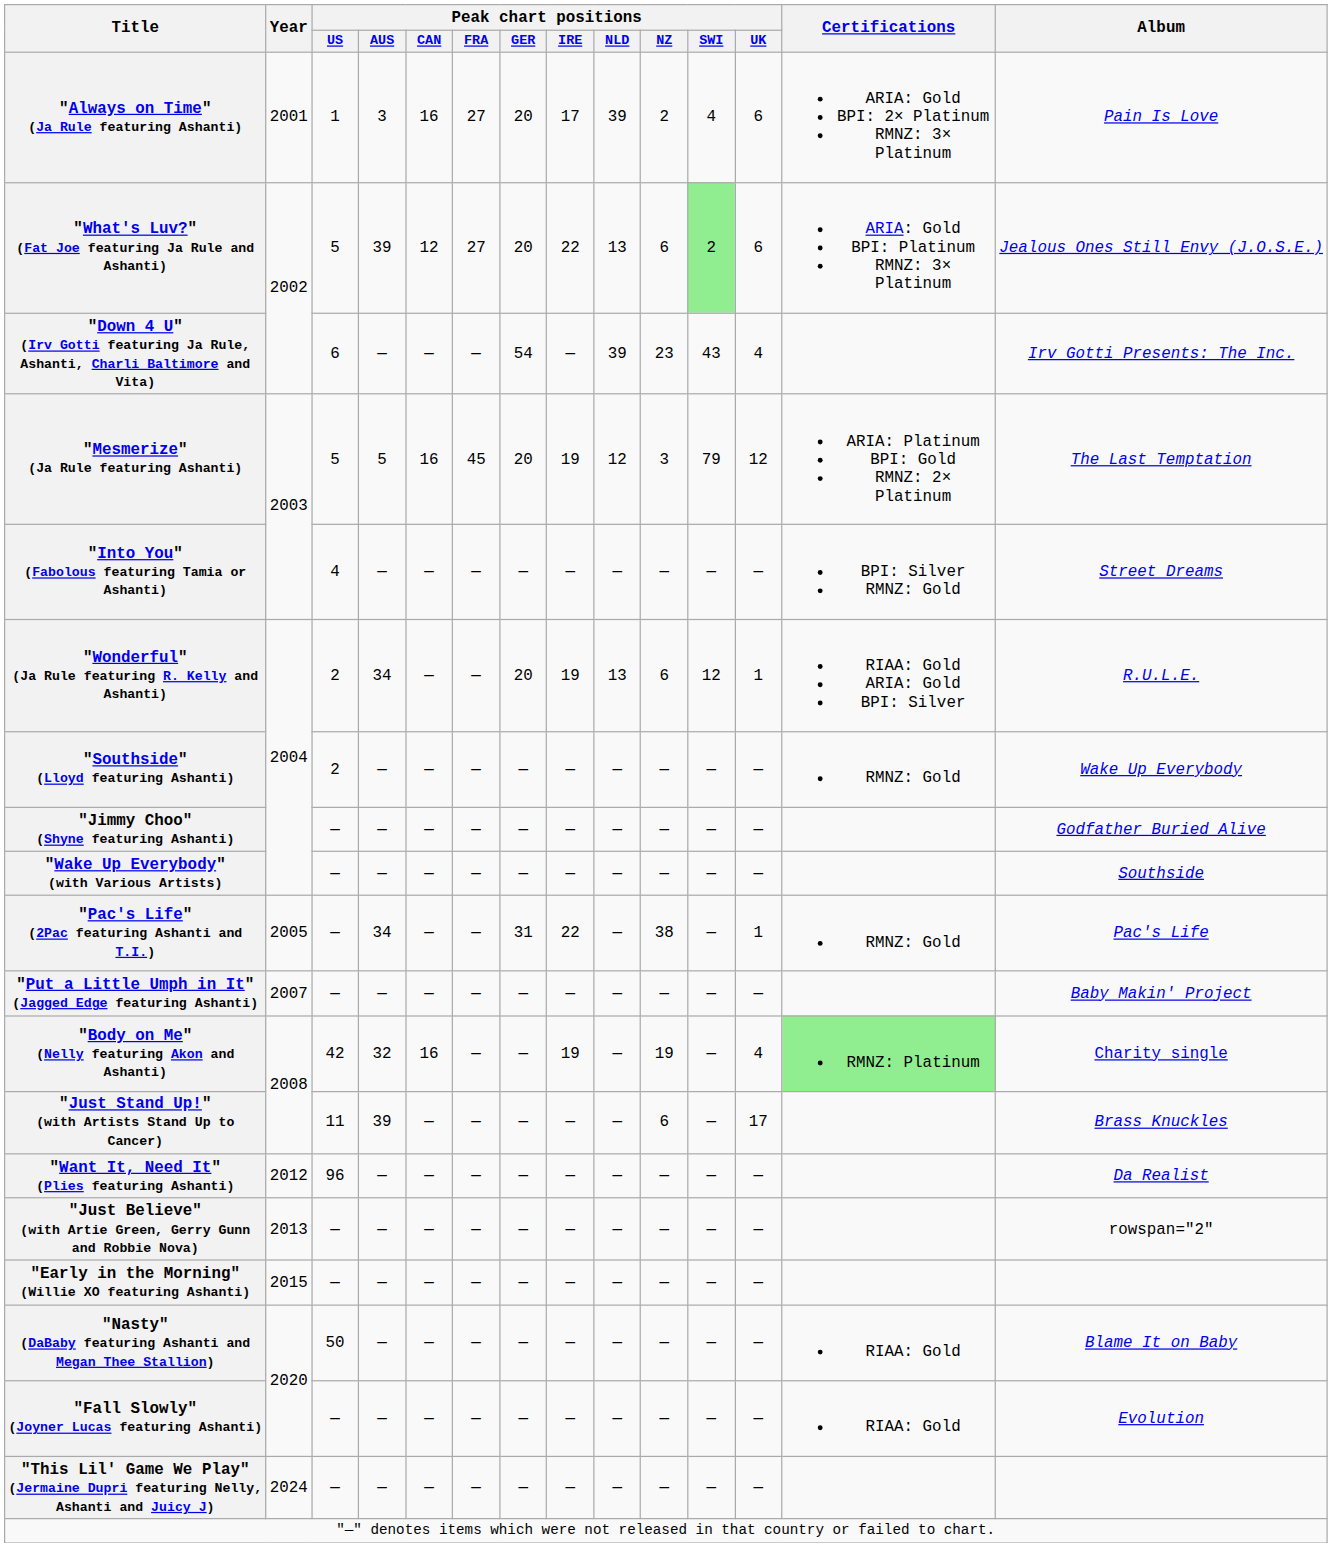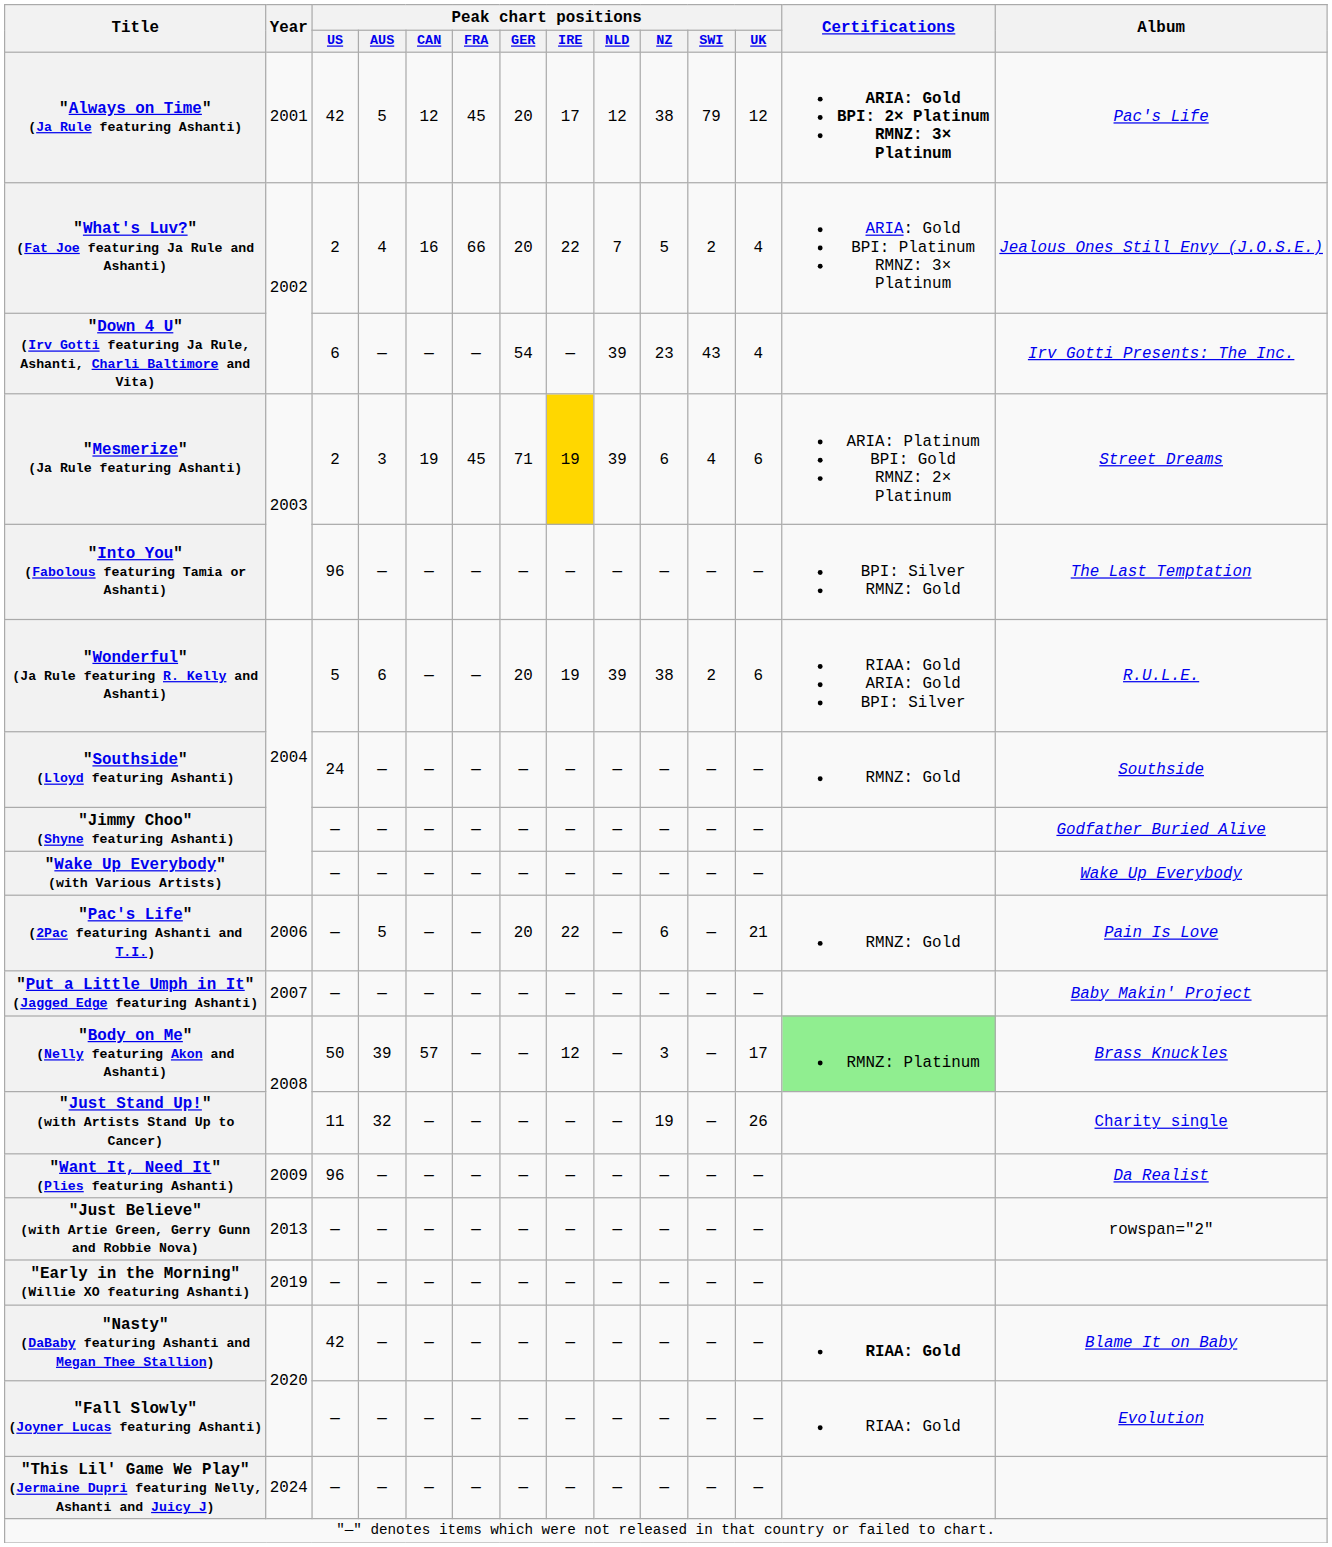 <table class="wikitable plainrowheaders" style="text-align:center;">
 <tr>
 <th scope="col" rowspan="2" style="width:16em;">Title</th>
 <th scope="col" rowspan="2">Year</th>
 <th scope="col" colspan="10">Peak chart positions</th>
 <th scope="col" rowspan="2" style="width:13em;"><a href='#'>Certifications</a></th>
 <th scope="col" rowspan="2">Album</th>
 </tr>
 <tr>
 <th style="width:3em;font-size:85%"><a href='#'>US</a><br></th>
 <th style="width:3em;font-size:85%"><a href='#'>AUS</a><br></th>
 <th style="width:3em;font-size:85%"><a href='#'>CAN</a><br></th>
 <th style="width:3em;font-size:85%"><a href='#'>FRA</a><br></th>
 <th style="width:3em;font-size:85%"><a href='#'>GER</a><br></th>
 <th style="width:3em;font-size:85%"><a href='#'>IRE</a><br></th>
 <th style="width:3em;font-size:85%"><a href='#'>NLD</a><br></th>
 <th style="width:3em;font-size:85%"><a href='#'>NZ</a><br></th>
 <th style="width:3em;font-size:85%"><a href='#'>SWI</a><br></th>
 <th style="width:3em;font-size:85%"><a href='#'>UK</a><br></th>
 </tr>
 <tr>
 <th scope="row">"<a href='#'>Always on Time</a>"<br><small>(<a href='#'>Ja Rule</a> featuring Ashanti)</small></th>
 <td>2001</td>
-<td>1</td>
-<td>3</td>
-<td>16</td>
-<td>27</td>
+<td>42</td>
+<td>5</td>
+<td>12</td>
+<td>45</td>
 <td>20</td>
 <td>17</td>
-<td>39</td>
-<td>2</td>
-<td>4</td>
-<td>6</td>
-<td><br><ul><li>ARIA: Gold</li><li>BPI: 2× Platinum</li><li>RMNZ: 3× Platinum</li></ul></td>
-<td><em><a href='#'>Pain Is Love</a></em></td>
+<td>12</td>
+<td>38</td>
+<td>79</td>
+<td>12</td>
+<td><strong><br><ul><li>ARIA: Gold</li><li>BPI: 2× Platinum</li><li>RMNZ: 3× Platinum</li></ul></strong></td>
+<td><em><a href='#'>Pac's Life</a></em></td>
 </tr>
 <tr>
 <th scope="row">"<a href='#'>What's Luv?</a>"<br><small>(<a href='#'>Fat Joe</a> featuring Ja Rule and Ashanti)</small></th>
 <td rowspan="2">2002</td>
-<td>5</td>
-<td>39</td>
-<td>12</td>
-<td>27</td>
+<td>2</td>
+<td>4</td>
+<td>16</td>
+<td>66</td>
 <td>20</td>
 <td>22</td>
-<td>13</td>
-<td>6</td>
-<td style="background: lightgreen;">2</td>
-<td>6</td>
+<td>7</td>
+<td>5</td>
+<td>2</td>
+<td>4</td>
 <td><br><ul><li><a href='#'>ARIA</a>: Gold</li><li>BPI: Platinum</li><li>RMNZ: 3× Platinum</li></ul></td>
 <td><em><a href='#'>Jealous Ones Still Envy (J.O.S.E.)</a></em></td>
 </tr>
 <tr>
 <th scope="row">"<a href='#'>Down 4 U</a>"<br><small>(<a href='#'>Irv Gotti</a> featuring Ja Rule, Ashanti, <a href='#'>Charli Baltimore</a> and Vita)</small></th>
 <td>6</td>
 <td>—</td>
 <td>—</td>
 <td>—</td>
 <td>54</td>
 <td>—</td>
 <td>39</td>
 <td>23</td>
 <td>43</td>
 <td>4</td>
 <td></td>
 <td><em><a href='#'>Irv Gotti Presents: The Inc.</a></em></td>
 </tr>
 <tr>
 <th scope="row">"<a href='#'>Mesmerize</a>"<br><small>(Ja Rule featuring Ashanti)</small></th>
 <td rowspan="2">2003</td>
-<td>5</td>
-<td>5</td>
-<td>16</td>
+<td>2</td>
+<td>3</td>
+<td>19</td>
 <td>45</td>
-<td>20</td>
-<td>19</td>
-<td>12</td>
-<td>3</td>
-<td>79</td>
-<td>12</td>
+<td>71</td>
+<td style="background: gold;">19</td>
+<td>39</td>
+<td>6</td>
+<td>4</td>
+<td>6</td>
 <td><br><ul><li>ARIA: Platinum</li><li>BPI: Gold</li><li>RMNZ: 2× Platinum</li></ul></td>
-<td><em><a href='#'>The Last Temptation</a></em></td>
+<td><em><a href='#'>Street Dreams</a></em></td>
 </tr>
 <tr>
 <th scope="row">"<a href='#'>Into You</a>"<br><small>(<a href='#'>Fabolous</a> featuring Tamia or Ashanti)</small></th>
-<td>4</td>
+<td>96</td>
 <td>—</td>
 <td>—</td>
 <td>—</td>
 <td>—</td>
 <td>—</td>
 <td>—</td>
 <td>—</td>
 <td>—</td>
 <td>—</td>
 <td><br><ul><li>BPI: Silver</li><li>RMNZ: Gold</li></ul></td>
-<td><em><a href='#'>Street Dreams</a></em></td>
+<td><em><a href='#'>The Last Temptation</a></em></td>
 </tr>
 <tr>
 <th scope="row">"<a href='#'>Wonderful</a>"<br><small>(Ja Rule featuring <a href='#'>R. Kelly</a> and Ashanti)</small></th>
 <td rowspan="4">2004</td>
-<td>2</td>
-<td>34</td>
+<td>5</td>
+<td>6</td>
 <td>—</td>
 <td>—</td>
 <td>20</td>
 <td>19</td>
-<td>13</td>
+<td>39</td>
+<td>38</td>
+<td>2</td>
 <td>6</td>
-<td>12</td>
-<td>1</td>
 <td><br><ul><li>RIAA: Gold</li><li>ARIA: Gold</li><li>BPI: Silver</li></ul></td>
 <td><em><a href='#'>R.U.L.E.</a></em></td>
 </tr>
 <tr>
 <th scope="row">"<a href='#'>Southside</a>"<br><small>(<a href='#'>Lloyd</a> featuring Ashanti)</small></th>
-<td>2</td>
+<td>24</td>
 <td>—</td>
 <td>—</td>
 <td>—</td>
 <td>—</td>
 <td>—</td>
 <td>—</td>
 <td>—</td>
 <td>—</td>
 <td>—</td>
 <td><br><ul><li>RMNZ: Gold</li></ul></td>
-<td><em><a href='#'>Wake Up Everybody</a></em></td>
+<td><em><a href='#'>Southside</a></em></td>
 </tr>
 <tr>
 <th scope="row">"Jimmy Choo"<br><small>(<a href='#'>Shyne</a> featuring Ashanti)</small></th>
 <td>—</td>
 <td>—</td>
 <td>—</td>
 <td>—</td>
 <td>—</td>
 <td>—</td>
 <td>—</td>
 <td>—</td>
 <td>—</td>
 <td>—</td>
 <td></td>
 <td><em><a href='#'>Godfather Buried Alive</a></em></td>
 </tr>
 <tr>
 <th scope="row">"<a href='#'>Wake Up Everybody</a>"<br><small>(with Various Artists)</small></th>
 <td>—</td>
 <td>—</td>
 <td>—</td>
 <td>—</td>
 <td>—</td>
 <td>—</td>
 <td>—</td>
 <td>—</td>
 <td>—</td>
 <td>—</td>
 <td></td>
-<td><em><a href='#'>Southside</a></em></td>
+<td><em><a href='#'>Wake Up Everybody</a></em></td>
 </tr>
 <tr>
 <th scope="row">"<a href='#'>Pac's Life</a>"<br><small>(<a href='#'>2Pac</a> featuring Ashanti and <a href='#'>T.I.</a>)</small></th>
-<td>2005</td>
+<td>2006</td>
 <td>—</td>
-<td>34</td>
+<td>5</td>
 <td>—</td>
 <td>—</td>
-<td>31</td>
+<td>20</td>
 <td>22</td>
 <td>—</td>
-<td>38</td>
+<td>6</td>
 <td>—</td>
-<td>1</td>
+<td>21</td>
 <td><br><ul><li>RMNZ: Gold</li></ul></td>
-<td><em><a href='#'>Pac's Life</a></em></td>
+<td><em><a href='#'>Pain Is Love</a></em></td>
 </tr>
 <tr>
 <th scope="row">"<a href='#'>Put a Little Umph in It</a>"<br><small>(<a href='#'>Jagged Edge</a> featuring Ashanti)</small></th>
 <td>2007</td>
 <td>—</td>
 <td>—</td>
 <td>—</td>
 <td>—</td>
 <td>—</td>
 <td>—</td>
 <td>—</td>
 <td>—</td>
 <td>—</td>
 <td>—</td>
 <td></td>
 <td><em><a href='#'>Baby Makin' Project</a></em></td>
 </tr>
 <tr>
 <th scope="row">"<a href='#'>Body on Me</a>"<br><small>(<a href='#'>Nelly</a> featuring <a href='#'>Akon</a> and Ashanti)</small></th>
 <td rowspan="2">2008</td>
-<td>42</td>
-<td>32</td>
-<td>16</td>
+<td>50</td>
+<td>39</td>
+<td>57</td>
 <td>—</td>
 <td>—</td>
-<td>19</td>
+<td>12</td>
 <td>—</td>
-<td>19</td>
+<td>3</td>
 <td>—</td>
-<td>4</td>
+<td>17</td>
 <td style="background: lightgreen;"><br><ul><li>RMNZ: Platinum</li></ul></td>
-<td><a href='#'>Charity single</a></td>
+<td><em><a href='#'>Brass Knuckles</a></em></td>
 </tr>
 <tr>
 <th scope="row">"<a href='#'>Just Stand Up!</a>"<br><small>(with Artists Stand Up to Cancer)</small></th>
 <td>11</td>
-<td>39</td>
+<td>32</td>
 <td>—</td>
 <td>—</td>
 <td>—</td>
 <td>—</td>
 <td>—</td>
-<td>6</td>
+<td>19</td>
 <td>—</td>
-<td>17</td>
+<td>26</td>
 <td></td>
-<td><em><a href='#'>Brass Knuckles</a></em></td>
+<td><a href='#'>Charity single</a></td>
 </tr>
 <tr>
 <th scope="row">"<a href='#'>Want It, Need It</a>"<br><small>(<a href='#'>Plies</a> featuring Ashanti)</small></th>
-<td>2012</td>
+<td>2009</td>
 <td>96</td>
 <td>—</td>
 <td>—</td>
 <td>—</td>
 <td>—</td>
 <td>—</td>
 <td>—</td>
 <td>—</td>
 <td>—</td>
 <td>—</td>
 <td></td>
 <td><em><a href='#'>Da Realist</a></em></td>
 </tr>
 <tr>
 <th scope="row">"Just Believe"<br><small>(with Artie Green, Gerry Gunn and Robbie Nova)</small></th>
 <td>2013</td>
 <td>—</td>
 <td>—</td>
 <td>—</td>
 <td>—</td>
 <td>—</td>
 <td>—</td>
 <td>—</td>
 <td>—</td>
 <td>—</td>
 <td>—</td>
 <td></td>
 <td>rowspan="2" </td>
 </tr>
 <tr>
 <th scope="row">"Early in the Morning"<br><small>(Willie XO featuring Ashanti)</small></th>
-<td>2015</td>
+<td>2019</td>
 <td>—</td>
 <td>—</td>
 <td>—</td>
 <td>—</td>
 <td>—</td>
 <td>—</td>
 <td>—</td>
 <td>—</td>
 <td>—</td>
 <td>—</td>
 <td></td>
 </tr>
 <tr>
 <th scope="row">"Nasty" <br><small>(<a href='#'>DaBaby</a> featuring Ashanti and <a href='#'>Megan Thee Stallion</a>)</small></th>
 <td rowspan="2">2020</td>
-<td>50</td>
+<td>42</td>
 <td>—</td>
 <td>—</td>
 <td>—</td>
 <td>—</td>
 <td>—</td>
 <td>—</td>
 <td>—</td>
 <td>—</td>
 <td>—</td>
-<td><br><ul><li>RIAA: Gold</li></ul></td>
+<td><strong><br><ul><li>RIAA: Gold</li></ul></strong></td>
 <td><em><a href='#'>Blame It on Baby</a></em></td>
 </tr>
 <tr>
 <th scope="row">"Fall Slowly" <br><small>(<a href='#'>Joyner Lucas</a> featuring Ashanti)</small></th>
 <td>—</td>
 <td>—</td>
 <td>—</td>
 <td>—</td>
 <td>—</td>
 <td>—</td>
 <td>—</td>
 <td>—</td>
 <td>—</td>
 <td>—</td>
 <td><br><ul><li>RIAA: Gold</li></ul></td>
 <td><em><a href='#'>Evolution</a></em></td>
 </tr>
 <tr>
 <th scope="row">"This Lil' Game We Play" <br><small>(<a href='#'>Jermaine Dupri</a> featuring Nelly, Ashanti and <a href='#'>Juicy J</a>)</small></th>
 <td>2024</td>
 <td>—</td>
 <td>—</td>
 <td>—</td>
 <td>—</td>
 <td>—</td>
 <td>—</td>
 <td>—</td>
 <td>—</td>
 <td>—</td>
 <td>—</td>
 <td></td>
 <td></td>
 </tr>
 <tr>
 <td colspan="15" style="font-size:90%;">"—" denotes items which were not released in that country or failed to chart.</td>
 </tr>
 </table>
